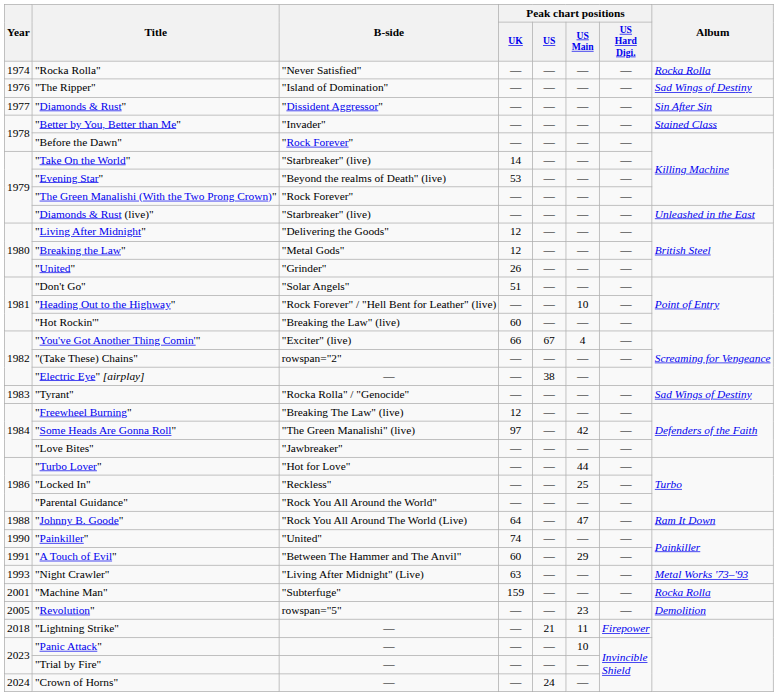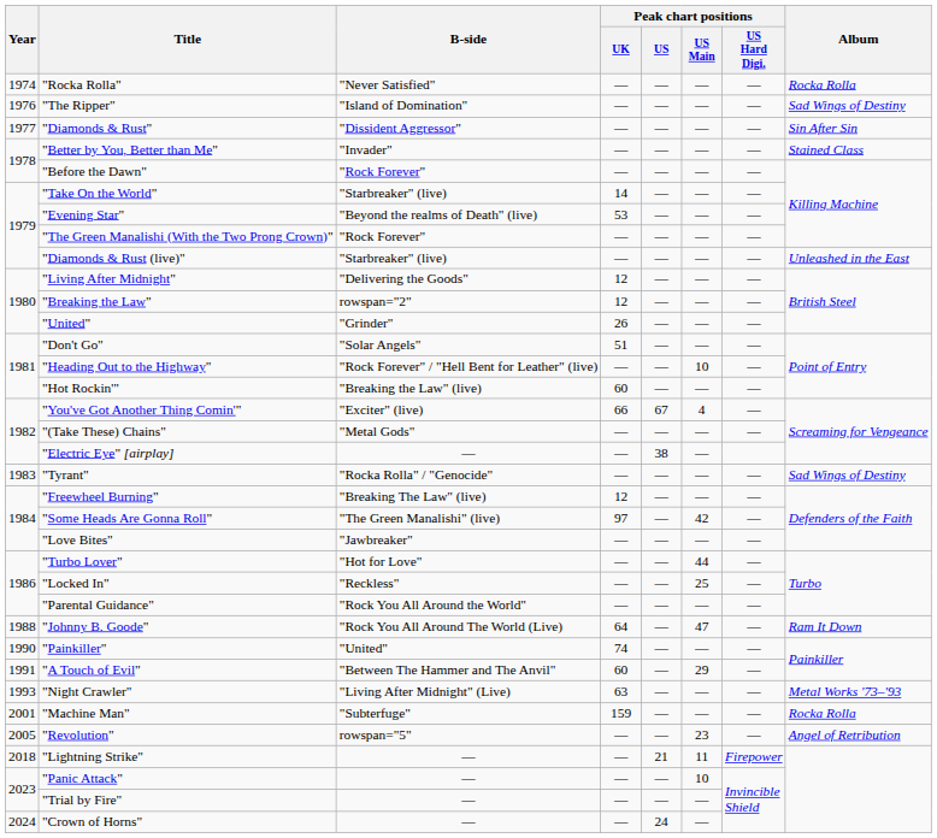 <table class="wikitable" border="1">
 <tr>
 <th rowspan="2">Year</th>
 <th rowspan="2">Title</th>
 <th rowspan="2">B-side</th>
 <th colspan="4">Peak chart positions</th>
 <th rowspan="2">Album</th>
 </tr>
 <tr>
 <th style="width:3em;font-size:85%;"><a href='#'>UK</a><br></th>
 <th style="width:3em;font-size:85%;"><a href='#'>US</a><br></th>
 <th style="width:3em;font-size:85%;"><a href='#'>US<br>Main</a><br></th>
 <th style="width:3em;font-size:85%;"><a href='#'>US<br>Hard <br>Digi.</a></th>
 </tr>
 <tr>
 <td>1974</td>
 <td>"Rocka Rolla"</td>
 <td>"Never Satisfied"</td>
 <td align="center">—</td>
 <td align="center">—</td>
 <td align="center">—</td>
 <td align="center">—</td>
 <td><em><a href='#'>Rocka Rolla</a></em></td>
 </tr>
 <tr>
 <td>1976</td>
 <td>"The Ripper" </td>
 <td>"Island of Domination"</td>
 <td align="center">—</td>
 <td align="center">—</td>
 <td align="center">—</td>
 <td align="center">—</td>
 <td><em><a href='#'>Sad Wings of Destiny</a></em></td>
 </tr>
 <tr>
 <td>1977</td>
 <td>"<a href='#'>Diamonds & Rust</a>"</td>
 <td>"<a href='#'>Dissident Aggressor</a>"</td>
 <td align="center">—</td>
 <td align="center">—</td>
 <td align="center">—</td>
 <td align="center">—</td>
 <td><em><a href='#'>Sin After Sin</a></em></td>
 </tr>
 <tr>
 <td rowspan="2">1978</td>
 <td>"<a href='#'>Better by You, Better than Me</a>"</td>
 <td>"Invader"</td>
 <td align="center">—</td>
 <td align="center">—</td>
 <td align="center">—</td>
 <td align="center">—</td>
 <td><em><a href='#'>Stained Class</a></em></td>
 </tr>
 <tr>
 <td>"Before the Dawn"</td>
 <td>"<a href='#'>Rock Forever</a>"</td>
 <td align="center">—</td>
 <td align="center">—</td>
 <td align="center">—</td>
 <td align="center">—</td>
 <td rowspan="4"><em><a href='#'>Killing Machine</a></em></td>
 </tr>
 <tr>
 <td rowspan="4">1979</td>
 <td>"<a href='#'>Take On the World</a>"</td>
 <td>"Starbreaker" (live)</td>
 <td align="center">14</td>
 <td align="center">—</td>
 <td align="center">—</td>
 <td align="center">—</td>
 </tr>
 <tr>
 <td>"<a href='#'>Evening Star</a>"</td>
 <td>"Beyond the realms of Death" (live)</td>
 <td align="center">53</td>
 <td align="center">—</td>
 <td align="center">—</td>
 <td align="center">—</td>
 </tr>
 <tr>
 <td>"<a href='#'>The Green Manalishi (With the Two Prong Crown)</a>" </td>
 <td>"Rock Forever"</td>
 <td align="center">—</td>
 <td align="center">—</td>
 <td align="center">—</td>
 <td align="center">—</td>
 </tr>
 <tr>
 <td>"<a href='#'>Diamonds & Rust</a> (live)"</td>
 <td>"Starbreaker" (live)</td>
 <td align="center">—</td>
 <td align="center">—</td>
 <td align="center">—</td>
 <td align="center">—</td>
 <td><em><a href='#'>Unleashed in the East</a></em></td>
 </tr>
 <tr>
 <td rowspan="3">1980</td>
 <td>"<a href='#'>Living After Midnight</a>"</td>
 <td>"Delivering the Goods" </td>
 <td align="center">12</td>
 <td align="center">—</td>
 <td align="center">—</td>
 <td align="center">—</td>
 <td rowspan="3"><em><a href='#'>British Steel</a></em></td>
 </tr>
 <tr>
 <td>"<a href='#'>Breaking the Law</a>"</td>
-<td>"Metal Gods"</td>
+<td>rowspan="2" </td>
 <td align="center">12</td>
 <td align="center">—</td>
 <td align="center">—</td>
 <td align="center">—</td>
 </tr>
 <tr>
 <td>"<a href='#'>United</a>"</td>
 <td>"Grinder"</td>
 <td align="center">26</td>
 <td align="center">—</td>
 <td align="center">—</td>
 <td align="center">—</td>
 </tr>
 <tr>
 <td rowspan="3">1981</td>
 <td>"Don't Go"</td>
 <td>"Solar Angels"</td>
 <td align="center">51</td>
 <td align="center">—</td>
 <td align="center">—</td>
 <td align="center">—</td>
 <td rowspan="3"><em><a href='#'>Point of Entry</a></em></td>
 </tr>
 <tr>
 <td>"<a href='#'>Heading Out to the Highway</a>"</td>
 <td>"Rock Forever" / "Hell Bent for Leather" (live)</td>
 <td align="center">—</td>
 <td align="center">—</td>
 <td align="center">10</td>
 <td align="center">—</td>
 </tr>
 <tr>
 <td>"Hot Rockin'"</td>
 <td>"Breaking the Law" (live)</td>
 <td align="center">60</td>
 <td align="center">—</td>
 <td align="center">—</td>
 <td align="center">—</td>
 </tr>
 <tr>
 <td rowspan="3">1982</td>
 <td>"<a href='#'>You've Got Another Thing Comin'</a>"</td>
 <td>"Exciter" (live) </td>
 <td align="center">66</td>
 <td align="center">67</td>
 <td align="center">4</td>
 <td align="center">—</td>
 <td rowspan="3"><em><a href='#'>Screaming for Vengeance</a></em></td>
 </tr>
 <tr>
 <td>"(Take These) Chains"</td>
-<td>rowspan="2" </td>
+<td>"Metal Gods"</td>
 <td align="center">—</td>
 <td align="center">—</td>
 <td align="center">—</td>
 <td align="center">—</td>
 </tr>
 <tr>
 <td>"<a href='#'>Electric Eye</a>" <em>[airplay]</em></td>
 <td align="center">—</td>
 <td align="center">—</td>
 <td align="center">38</td>
 <td align="center">—</td>
 </tr>
 <tr>
 <td>1983</td>
 <td>"Tyrant"</td>
 <td>"Rocka Rolla" / "Genocide"</td>
 <td align="center">—</td>
 <td align="center">—</td>
 <td align="center">—</td>
 <td align="center">—</td>
 <td><em><a href='#'>Sad Wings of Destiny</a></em></td>
 </tr>
 <tr>
 <td rowspan="3">1984</td>
 <td>"<a href='#'>Freewheel Burning</a>"</td>
 <td>"Breaking The Law" (live)</td>
 <td align="center">12</td>
 <td align="center">—</td>
 <td align="center">—</td>
 <td align="center">—</td>
 <td rowspan="3"><em><a href='#'>Defenders of the Faith</a></em></td>
 </tr>
 <tr>
 <td>"<a href='#'>Some Heads Are Gonna Roll</a>"</td>
 <td>"The Green Manalishi" (live) </td>
 <td align="center">97</td>
 <td align="center">—</td>
 <td align="center">42</td>
 <td align="center">—</td>
 </tr>
 <tr>
 <td>"Love Bites"</td>
 <td>"Jawbreaker"</td>
 <td align="center">—</td>
 <td align="center">—</td>
 <td align="center">—</td>
 <td align="center">—</td>
 </tr>
 <tr>
 <td rowspan="3">1986</td>
 <td>"<a href='#'>Turbo Lover</a>"</td>
 <td>"Hot for Love" </td>
 <td align="center">—</td>
 <td align="center">—</td>
 <td align="center">44</td>
 <td align="center">—</td>
 <td rowspan="3"><em><a href='#'>Turbo</a></em></td>
 </tr>
 <tr>
 <td>"Locked In"</td>
 <td>"Reckless" </td>
 <td align="center">—</td>
 <td align="center">—</td>
 <td align="center">25</td>
 <td align="center">—</td>
 </tr>
 <tr>
 <td>"Parental Guidance"</td>
 <td>"Rock You All Around the World"</td>
 <td align="center">—</td>
 <td align="center">—</td>
 <td align="center">—</td>
 <td align="center">—</td>
 </tr>
 <tr>
 <td>1988</td>
 <td>"<a href='#'>Johnny B. Goode</a>"</td>
 <td>"Rock You All Around The World (Live)</td>
 <td align="center">64</td>
 <td align="center">—</td>
 <td align="center">47</td>
 <td align="center">—</td>
 <td><em><a href='#'>Ram It Down</a></em></td>
 </tr>
 <tr>
 <td>1990</td>
 <td>"<a href='#'>Painkiller</a>"</td>
 <td>"United"</td>
 <td align="center">74</td>
 <td align="center">—</td>
 <td align="center">—</td>
 <td align="center">—</td>
 <td rowspan="2"><em><a href='#'>Painkiller</a></em></td>
 </tr>
 <tr>
 <td>1991</td>
 <td>"<a href='#'>A Touch of Evil</a>"</td>
 <td>"Between The Hammer and The Anvil"</td>
 <td align="center">60</td>
 <td align="center">—</td>
 <td align="center">29</td>
 <td align="center">—</td>
 </tr>
 <tr>
 <td>1993</td>
 <td>"Night Crawler"</td>
 <td>"Living After Midnight" (Live)</td>
 <td align="center">63</td>
 <td align="center">—</td>
 <td align="center">—</td>
 <td align="center">—</td>
 <td><em><a href='#'>Metal Works '73–'93</a></em></td>
 </tr>
 <tr>
 <td>2001</td>
 <td>"Machine Man"</td>
 <td>"Subterfuge"</td>
 <td align="center">159</td>
 <td align="center">—</td>
 <td align="center">—</td>
 <td align="center">—</td>
 <td><em><a href='#'>Rocka Rolla</a></em></td>
 </tr>
 <tr>
 <td>2005</td>
 <td>"<a href='#'>Revolution</a>"</td>
 <td>rowspan="5" </td>
 <td align="center">—</td>
 <td align="center">—</td>
 <td align="center">23</td>
 <td align="center">—</td>
-<td><em><a href='#'>Demolition</a></em></td>
+<td><em><a href='#'>Angel of Retribution</a></em></td>
 </tr>
 <tr>
 <td>2018</td>
 <td>"Lightning Strike"</td>
 <td align="center">—</td>
 <td align="center">—</td>
 <td align="center">21</td>
 <td align="center">11</td>
 <td><em><a href='#'>Firepower</a></em></td>
 </tr>
 <tr>
 <td rowspan="2">2023</td>
 <td>"<a href='#'>Panic Attack</a>"</td>
 <td align="center">—</td>
 <td align="center">—</td>
 <td align="center">—</td>
 <td align="center">10</td>
 <td rowspan="3"><em><a href='#'>Invincible Shield</a></em></td>
 </tr>
 <tr>
 <td>"Trial by Fire"</td>
 <td align="center">—</td>
 <td align="center">—</td>
 <td align="center">—</td>
 <td align="center">—</td>
 </tr>
 <tr>
 <td>2024</td>
 <td>"Crown of Horns"</td>
 <td align="center">—</td>
 <td align="center">—</td>
 <td align="center">24</td>
 <td align="center">—</td>
 </tr>
 </table>
